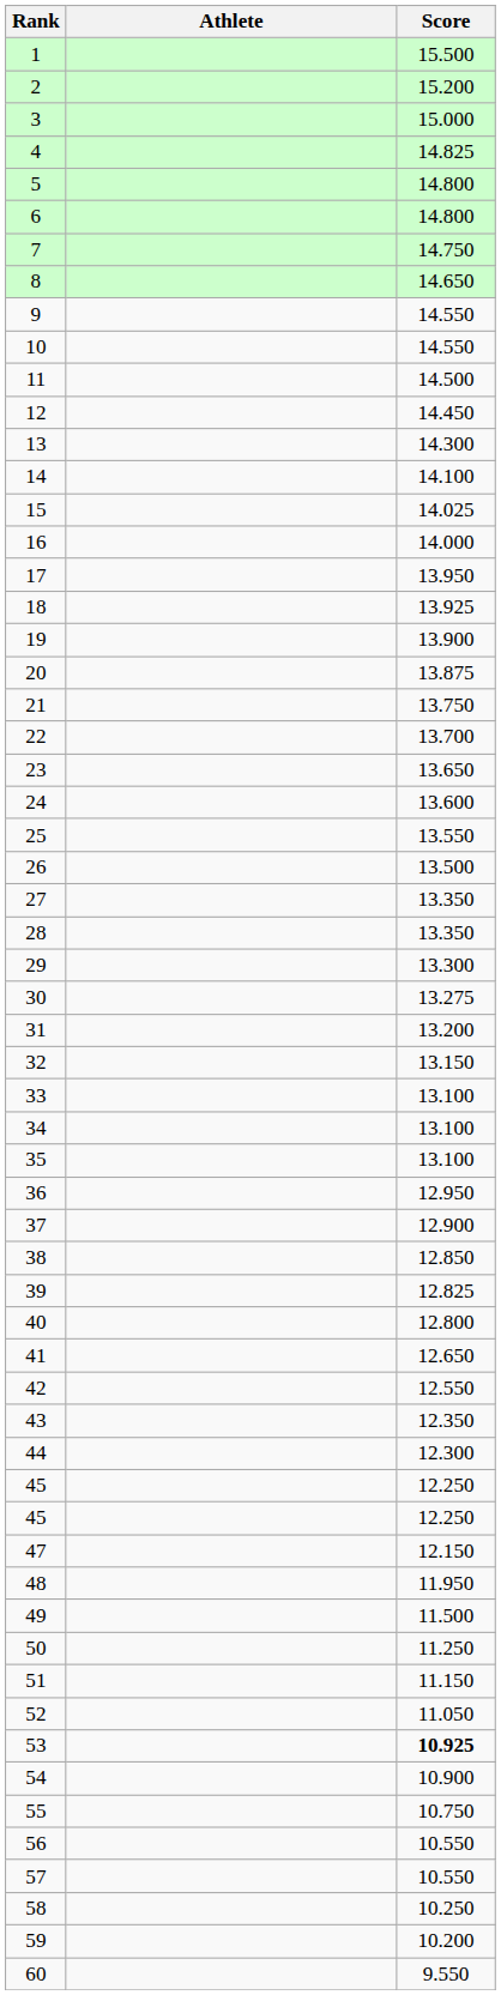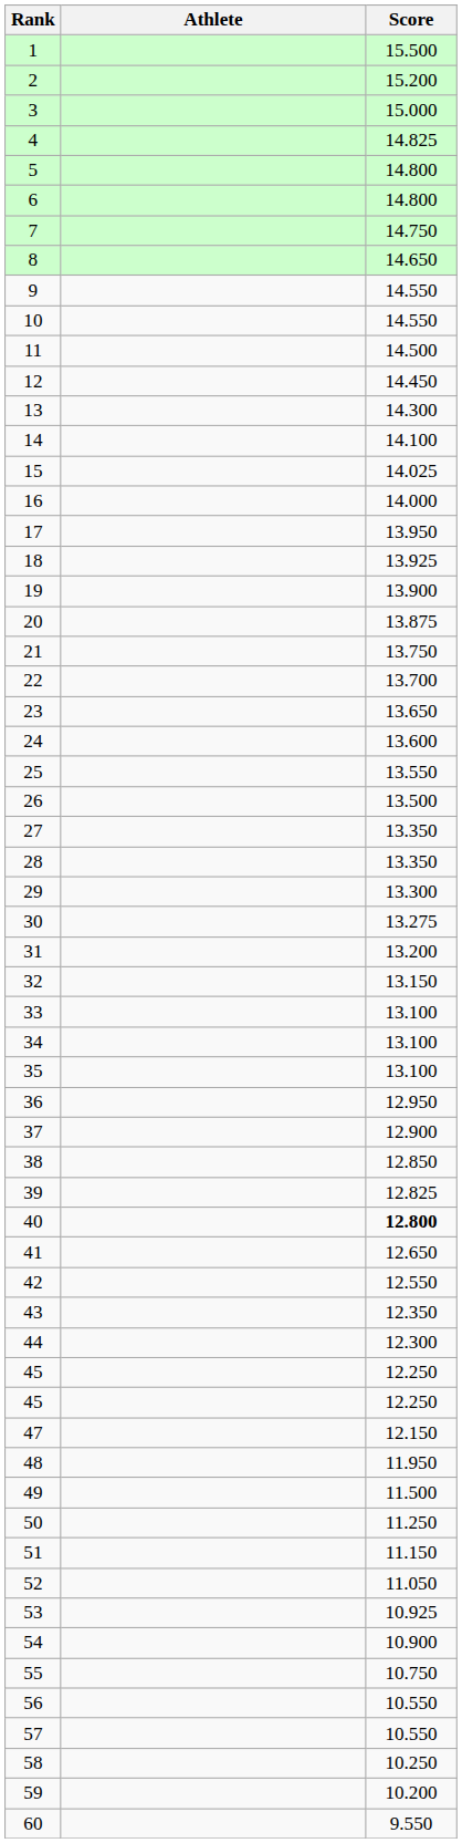 <table class=wikitable style="text-align:center">
 <tr>
 <th width=40>Rank</th>
 <th width=250>Athlete</th>
 <th width=70>Score</th>
 </tr>
 <tr bgcolor="ccffcc">
 <td>1</td>
 <td align=left></td>
 <td>15.500</td>
 </tr>
 <tr bgcolor="ccffcc">
 <td>2</td>
 <td align=left></td>
 <td>15.200</td>
 </tr>
 <tr bgcolor="ccffcc">
 <td>3</td>
 <td align=left></td>
 <td>15.000</td>
 </tr>
 <tr bgcolor="ccffcc">
 <td>4</td>
 <td align=left></td>
 <td>14.825</td>
 </tr>
 <tr bgcolor="ccffcc">
 <td>5</td>
 <td align=left></td>
 <td>14.800</td>
 </tr>
 <tr bgcolor="ccffcc">
 <td>6</td>
 <td align=left></td>
 <td>14.800</td>
 </tr>
 <tr bgcolor="ccffcc">
 <td>7</td>
 <td align=left></td>
 <td>14.750</td>
 </tr>
 <tr bgcolor="ccffcc">
 <td>8</td>
 <td align=left></td>
 <td>14.650</td>
 </tr>
 <tr>
 <td>9</td>
 <td align=left></td>
 <td>14.550</td>
 </tr>
 <tr>
 <td>10</td>
 <td align=left></td>
 <td>14.550</td>
 </tr>
 <tr>
 <td>11</td>
 <td align=left></td>
 <td>14.500</td>
 </tr>
 <tr>
 <td>12</td>
 <td align=left></td>
 <td>14.450</td>
 </tr>
 <tr>
 <td>13</td>
 <td align=left></td>
 <td>14.300</td>
 </tr>
 <tr>
 <td>14</td>
 <td align=left></td>
 <td>14.100</td>
 </tr>
 <tr>
 <td>15</td>
 <td align=left></td>
 <td>14.025</td>
 </tr>
 <tr>
 <td>16</td>
 <td align=left></td>
 <td>14.000</td>
 </tr>
 <tr>
 <td>17</td>
 <td align=left></td>
 <td>13.950</td>
 </tr>
 <tr>
 <td>18</td>
 <td align=left></td>
 <td>13.925</td>
 </tr>
 <tr>
 <td>19</td>
 <td align=left></td>
 <td>13.900</td>
 </tr>
 <tr>
 <td>20</td>
 <td align=left></td>
 <td>13.875</td>
 </tr>
 <tr>
 <td>21</td>
 <td align=left></td>
 <td>13.750</td>
 </tr>
 <tr>
 <td>22</td>
 <td align=left></td>
 <td>13.700</td>
 </tr>
 <tr>
 <td>23</td>
 <td align=left></td>
 <td>13.650</td>
 </tr>
 <tr>
 <td>24</td>
 <td align=left></td>
 <td>13.600</td>
 </tr>
 <tr>
 <td>25</td>
 <td align=left></td>
 <td>13.550</td>
 </tr>
 <tr>
 <td>26</td>
 <td align=left></td>
 <td>13.500</td>
 </tr>
 <tr>
 <td>27</td>
 <td align=left></td>
 <td>13.350</td>
 </tr>
 <tr>
 <td>28</td>
 <td align=left></td>
 <td>13.350</td>
 </tr>
 <tr>
 <td>29</td>
 <td align=left></td>
 <td>13.300</td>
 </tr>
 <tr>
 <td>30</td>
 <td align=left></td>
 <td>13.275</td>
 </tr>
 <tr>
 <td>31</td>
 <td align=left></td>
 <td>13.200</td>
 </tr>
 <tr>
 <td>32</td>
 <td align=left></td>
 <td>13.150</td>
 </tr>
 <tr>
 <td>33</td>
 <td align=left></td>
 <td>13.100</td>
 </tr>
 <tr>
 <td>34</td>
 <td align=left></td>
 <td>13.100</td>
 </tr>
 <tr>
 <td>35</td>
 <td align=left></td>
 <td>13.100</td>
 </tr>
 <tr>
 <td>36</td>
 <td align=left></td>
 <td>12.950</td>
 </tr>
 <tr>
 <td>37</td>
 <td align=left></td>
 <td>12.900</td>
 </tr>
 <tr>
 <td>38</td>
 <td align=left></td>
 <td>12.850</td>
 </tr>
 <tr>
 <td>39</td>
 <td align=left></td>
 <td>12.825</td>
 </tr>
 <tr>
 <td>40</td>
 <td align=left></td>
-<td>12.800</td>
+<td><strong>12.800</strong></td>
 </tr>
 <tr>
 <td>41</td>
 <td align=left></td>
 <td>12.650</td>
 </tr>
 <tr>
 <td>42</td>
 <td align=left></td>
 <td>12.550</td>
 </tr>
 <tr>
 <td>43</td>
 <td align=left></td>
 <td>12.350</td>
 </tr>
 <tr>
 <td>44</td>
 <td align=left></td>
 <td>12.300</td>
 </tr>
 <tr>
 <td>45</td>
 <td align=left></td>
 <td>12.250</td>
 </tr>
 <tr>
 <td>45</td>
 <td align=left></td>
 <td>12.250</td>
 </tr>
 <tr>
 <td>47</td>
 <td align=left></td>
 <td>12.150</td>
 </tr>
 <tr>
 <td>48</td>
 <td align=left></td>
 <td>11.950</td>
 </tr>
 <tr>
 <td>49</td>
 <td align=left></td>
 <td>11.500</td>
 </tr>
 <tr>
 <td>50</td>
 <td align=left></td>
 <td>11.250</td>
 </tr>
 <tr>
 <td>51</td>
 <td align=left></td>
 <td>11.150</td>
 </tr>
 <tr>
 <td>52</td>
 <td align=left></td>
 <td>11.050</td>
 </tr>
 <tr>
 <td>53</td>
 <td align=left></td>
-<td><strong>10.925</strong></td>
+<td>10.925</td>
 </tr>
 <tr>
 <td>54</td>
 <td align=left></td>
 <td>10.900</td>
 </tr>
 <tr>
 <td>55</td>
 <td align=left></td>
 <td>10.750</td>
 </tr>
 <tr>
 <td>56</td>
 <td align=left></td>
 <td>10.550</td>
 </tr>
 <tr>
 <td>57</td>
 <td align=left></td>
 <td>10.550</td>
 </tr>
 <tr>
 <td>58</td>
 <td align=left></td>
 <td>10.250</td>
 </tr>
 <tr>
 <td>59</td>
 <td align=left></td>
 <td>10.200</td>
 </tr>
 <tr>
 <td>60</td>
 <td align=left></td>
 <td>9.550</td>
 </tr>
 </table>
